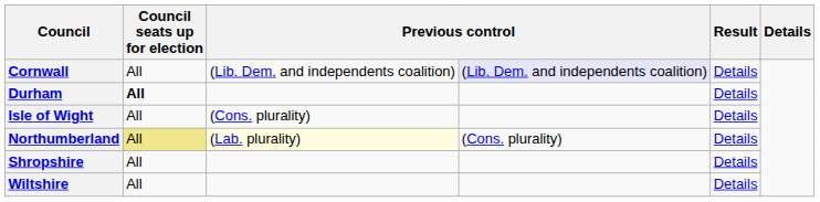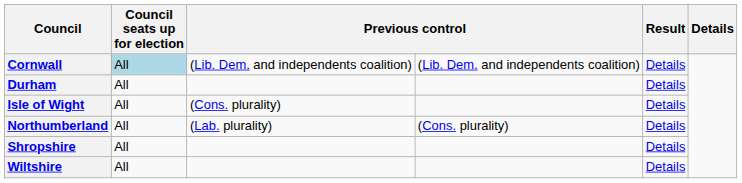 <table class="wikitable">
 <tr>
 <th scope="col">Council</th>
 <th scope="col">Council <br>seats up <br>for election</th>
 <th scope="col" colspan=2>Previous control</th>
 <th scope="col" colspan=2>Result</th>
 <th scope="col" class="unsortable">Details</th>
 </tr>
 <tr>
 <th scope="row" style="text-align: left;"><a href='#'>Cornwall</a></th>
-<td>All</td>
+<td style="background: lightblue;">All</td>
 <td> (<a href='#'>Lib. Dem.</a> and independents coalition)</td>
-<td style="background: lavender;"> (<a href='#'>Lib. Dem.</a> and independents coalition)</td>
+<td> (<a href='#'>Lib. Dem.</a> and independents coalition)</td>
 <td><a href='#'>Details</a></td>
 </tr>
 <tr>
 <th scope="row" style="text-align: left;"><a href='#'>Durham</a></th>
-<td><strong>All</strong></td>
+<td>All</td>
 <td></td>
 <td></td>
 <td><a href='#'>Details</a></td>
 </tr>
 <tr>
 <th scope="row" style="text-align: left;"><a href='#'>Isle of Wight</a></th>
 <td>All</td>
 <td> (<a href='#'>Cons.</a> plurality)</td>
 <td></td>
 <td><a href='#'>Details</a></td>
 </tr>
 <tr>
 <th scope="row" style="text-align: left;"><a href='#'>Northumberland</a></th>
-<td style="background: khaki;">All</td>
-<td style="background: lightyellow;"> (<a href='#'>Lab.</a> plurality)</td>
+<td>All</td>
+<td> (<a href='#'>Lab.</a> plurality)</td>
 <td> (<a href='#'>Cons.</a> plurality)</td>
 <td><a href='#'>Details</a></td>
 </tr>
 <tr>
 <th scope="row" style="text-align: left;"><a href='#'>Shropshire</a></th>
 <td>All</td>
 <td></td>
 <td></td>
 <td><a href='#'>Details</a></td>
 </tr>
 <tr>
 <th scope="row" style="text-align: left;"><a href='#'>Wiltshire</a></th>
 <td>All</td>
 <td></td>
 <td></td>
 <td><a href='#'>Details</a></td>
 </tr>
 </table>
